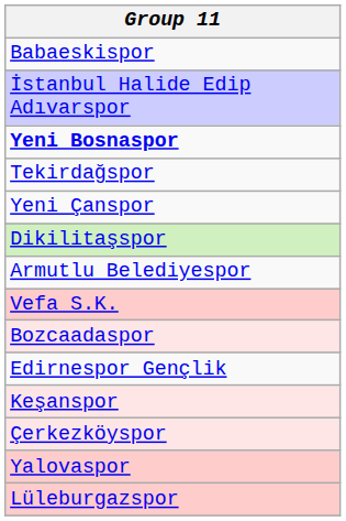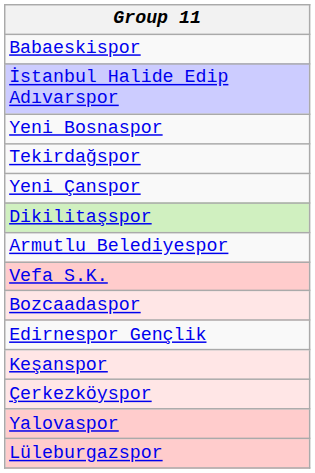 <table class="wikitable collapsible collapsed" style="font-size:95%;">
 <tr>
 <th colspan="1" width="200"><em>Group 11</em></th>
 </tr>
 <tr>
 <td><a href='#'>Babaeskispor</a></td>
 </tr>
 <tr>
 <td style="background:#ccccff;"><a href='#'>İstanbul Halide Edip Adıvarspor</a></td>
 </tr>
 <tr>
-<td><strong><a href='#'>Yeni Bosnaspor</a></strong></td>
+<td><a href='#'>Yeni Bosnaspor</a></td>
 </tr>
 <tr>
 <td><a href='#'>Tekirdağspor</a></td>
 </tr>
 <tr>
 <td><a href='#'>Yeni Çanspor</a></td>
 </tr>
 <tr>
 <td style="background:#D0F0C0;"><a href='#'>Dikilitaşspor</a></td>
 </tr>
 <tr>
 <td><a href='#'>Armutlu Belediyespor</a></td>
 </tr>
 <tr>
 <td style="background:#fcc;"><a href='#'>Vefa S.K.</a></td>
 </tr>
 <tr>
 <td style="background:#FFE6E6;"><a href='#'>Bozcaadaspor</a></td>
 </tr>
 <tr>
 <td><a href='#'>Edirnespor Gençlik</a></td>
 </tr>
 <tr>
 <td style="background:#FFE6E6;"><a href='#'>Keşanspor</a></td>
 </tr>
 <tr>
 <td style="background:#FFE6E6;"><a href='#'>Çerkezköyspor</a></td>
 </tr>
 <tr>
 <td style="background:#fcc;"><a href='#'>Yalovaspor</a></td>
 </tr>
 <tr>
 <td style="background:#fcc;"><a href='#'>Lüleburgazspor</a></td>
 </tr>
 </table>
